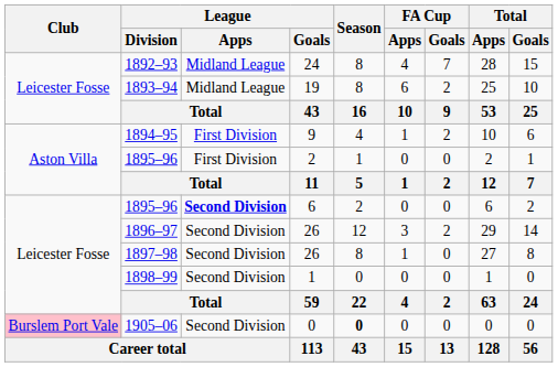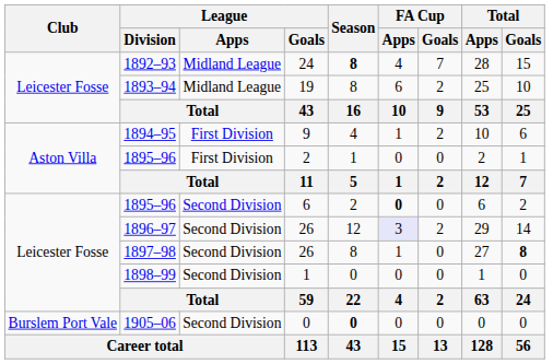 <table class="wikitable" style="text-align: center;">
 <tr>
 <th rowspan="2">Club</th>
 <th colspan="3">League</th>
 <th rowspan="2">Season</th>
 <th colspan="2">FA Cup</th>
 <th colspan="2">Total</th>
 </tr>
 <tr>
 <th>Division</th>
 <th>Apps</th>
 <th>Goals</th>
 <th>Apps</th>
 <th>Goals</th>
 <th>Apps</th>
 <th>Goals</th>
 </tr>
 <tr>
 <td rowspan="3"><a href='#'>Leicester Fosse</a></td>
 <td><a href='#'>1892–93</a></td>
 <td><a href='#'>Midland League</a></td>
 <td>24</td>
-<td>8</td>
+<td><strong>8</strong></td>
 <td>4</td>
 <td>7</td>
 <td>28</td>
 <td>15</td>
 </tr>
 <tr>
 <td><a href='#'>1893–94</a></td>
 <td>Midland League</td>
 <td>19</td>
 <td>8</td>
 <td>6</td>
 <td>2</td>
 <td>25</td>
 <td>10</td>
 </tr>
 <tr>
 <th colspan="2">Total</th>
 <th>43</th>
 <th>16</th>
 <th>10</th>
 <th>9</th>
 <th>53</th>
 <th>25</th>
 </tr>
 <tr>
 <td rowspan="3"><a href='#'>Aston Villa</a></td>
 <td><a href='#'>1894–95</a></td>
 <td><a href='#'>First Division</a></td>
 <td>9</td>
 <td>4</td>
 <td>1</td>
 <td>2</td>
 <td>10</td>
 <td>6</td>
 </tr>
 <tr>
 <td><a href='#'>1895–96</a></td>
 <td>First Division</td>
 <td>2</td>
 <td>1</td>
 <td>0</td>
 <td>0</td>
 <td>2</td>
 <td>1</td>
 </tr>
 <tr>
 <th colspan="2">Total</th>
 <th>11</th>
 <th>5</th>
 <th>1</th>
 <th>2</th>
 <th>12</th>
 <th>7</th>
 </tr>
 <tr>
 <td rowspan="5">Leicester Fosse</td>
 <td><a href='#'>1895–96</a></td>
-<td><strong><a href='#'>Second Division</a></strong></td>
+<td><a href='#'>Second Division</a></td>
 <td>6</td>
 <td>2</td>
-<td>0</td>
+<td><strong>0</strong></td>
 <td>0</td>
 <td>6</td>
 <td>2</td>
 </tr>
 <tr>
 <td><a href='#'>1896–97</a></td>
 <td>Second Division</td>
 <td>26</td>
 <td>12</td>
-<td>3</td>
+<td style="background: lavender;">3</td>
 <td>2</td>
 <td>29</td>
 <td>14</td>
 </tr>
 <tr>
 <td><a href='#'>1897–98</a></td>
 <td>Second Division</td>
 <td>26</td>
 <td>8</td>
 <td>1</td>
 <td>0</td>
 <td>27</td>
-<td>8</td>
+<td><strong>8</strong></td>
 </tr>
 <tr>
 <td><a href='#'>1898–99</a></td>
 <td>Second Division</td>
 <td>1</td>
 <td>0</td>
 <td>0</td>
 <td>0</td>
 <td>1</td>
 <td>0</td>
 </tr>
 <tr>
 <th colspan="2">Total</th>
 <th>59</th>
 <th>22</th>
 <th>4</th>
 <th>2</th>
 <th>63</th>
 <th>24</th>
 </tr>
 <tr>
-<td style="background: pink;"><a href='#'>Burslem Port Vale</a></td>
+<td><a href='#'>Burslem Port Vale</a></td>
 <td><a href='#'>1905–06</a></td>
 <td>Second Division</td>
 <td>0</td>
 <td><strong>0</strong></td>
 <td>0</td>
 <td>0</td>
 <td>0</td>
 <td>0</td>
 </tr>
 <tr>
 <th colspan="3">Career total</th>
 <th>113</th>
 <th>43</th>
 <th>15</th>
 <th>13</th>
 <th>128</th>
 <th>56</th>
 </tr>
 </table>
